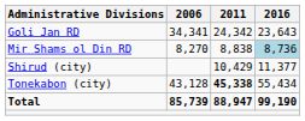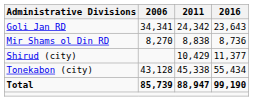 <table class="wikitable">
 <tr>
 <th>Administrative Divisions</th>
 <th>2006</th>
 <th>2011</th>
 <th>2016</th>
 </tr>
 <tr>
 <td><a href='#'>Goli Jan RD</a></td>
 <td style="text-align: right;">34,341</td>
 <td style="text-align: right;">24,342</td>
 <td style="text-align: right;">23,643</td>
 </tr>
 <tr>
 <td><a href='#'>Mir Shams ol Din RD</a></td>
 <td style="text-align: right;">8,270</td>
 <td style="text-align: right;">8,838</td>
-<td style="background: lightblue; text-align: right;">8,736</td>
+<td style="text-align: right;">8,736</td>
 </tr>
 <tr>
 <td><a href='#'>Shirud</a> (city)</td>
 <td style="text-align: right;"></td>
 <td style="text-align: right;">10,429</td>
 <td style="text-align: right;">11,377</td>
 </tr>
 <tr>
 <td><a href='#'>Tonekabon</a> (city)</td>
 <td style="text-align: right;">43,128</td>
-<td style="text-align: right;"><strong>45,338</strong></td>
+<td style="text-align: right;">45,338</td>
 <td style="text-align: right;">55,434</td>
 </tr>
 <tr>
 <td><strong>Total</strong></td>
 <td style="text-align: right;"><strong>85,739</strong></td>
 <td style="text-align: right;"><strong>88,947</strong></td>
 <td style="text-align: right;"><strong>99,190</strong></td>
 </tr>
 <tr>
 <td colspan=4></td>
 </tr>
 </table>
